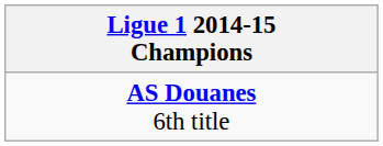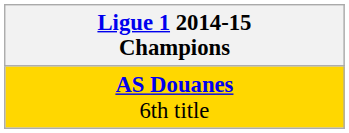 <table class="wikitable" style="margin: 0 auto; width: 240px;">
 <tr>
 <th><a href='#'>Ligue 1</a> 2014-15<br>Champions</th>
 </tr>
 <tr>
-<td align=center><strong><a href='#'>AS Douanes</a></strong><br>6th title</td>
+<td align=center style="background: gold;"><strong><a href='#'>AS Douanes</a></strong><br>6th title</td>
 </tr>
 </table>
